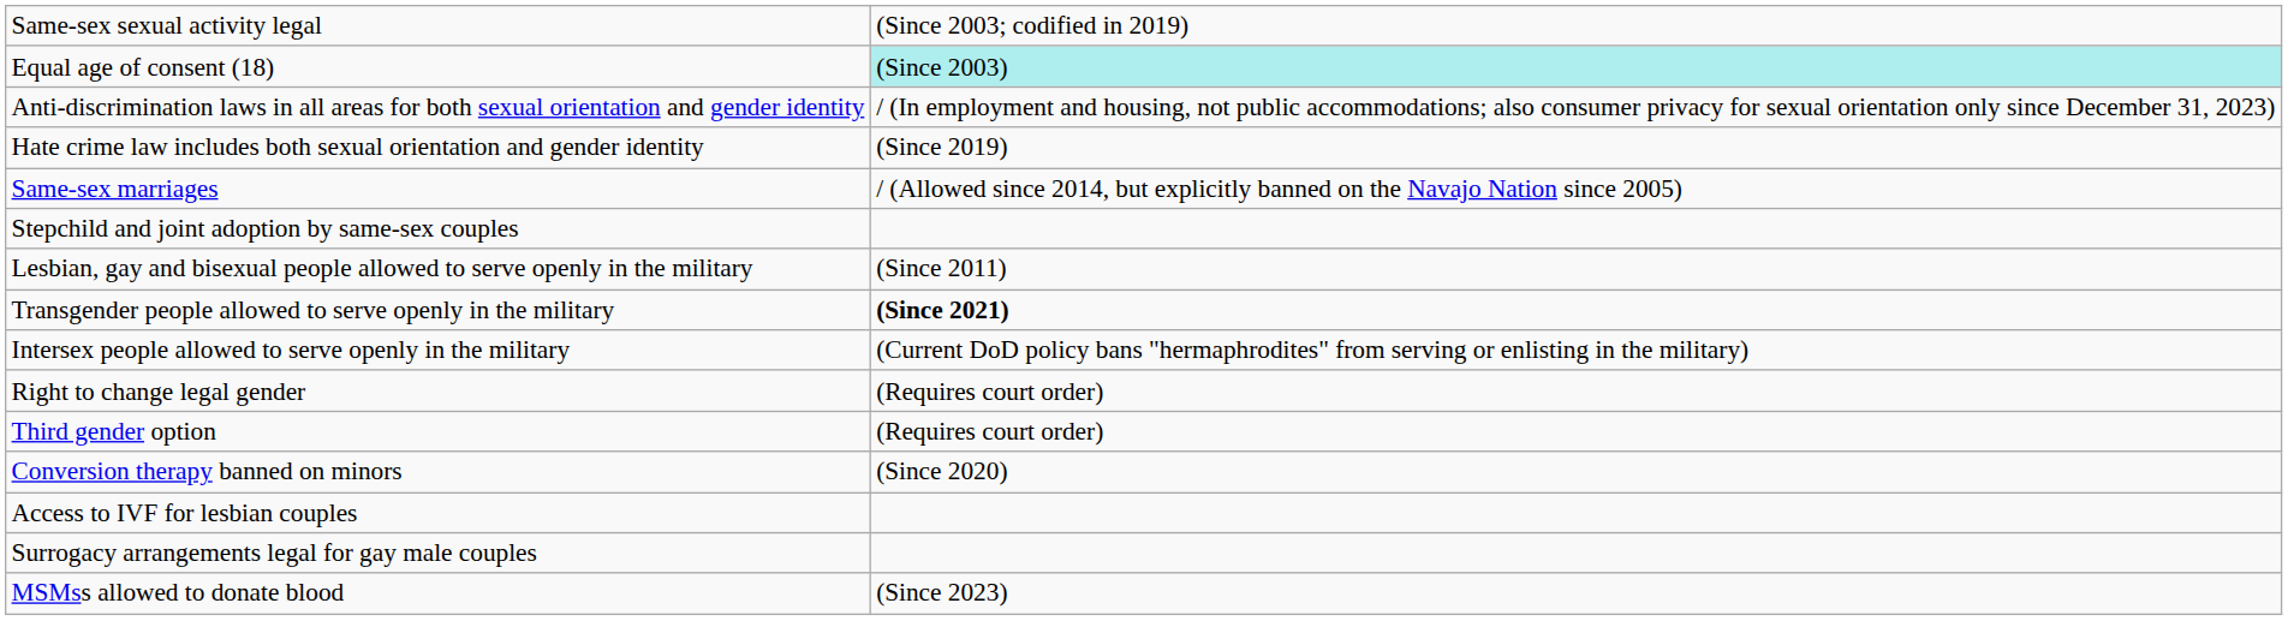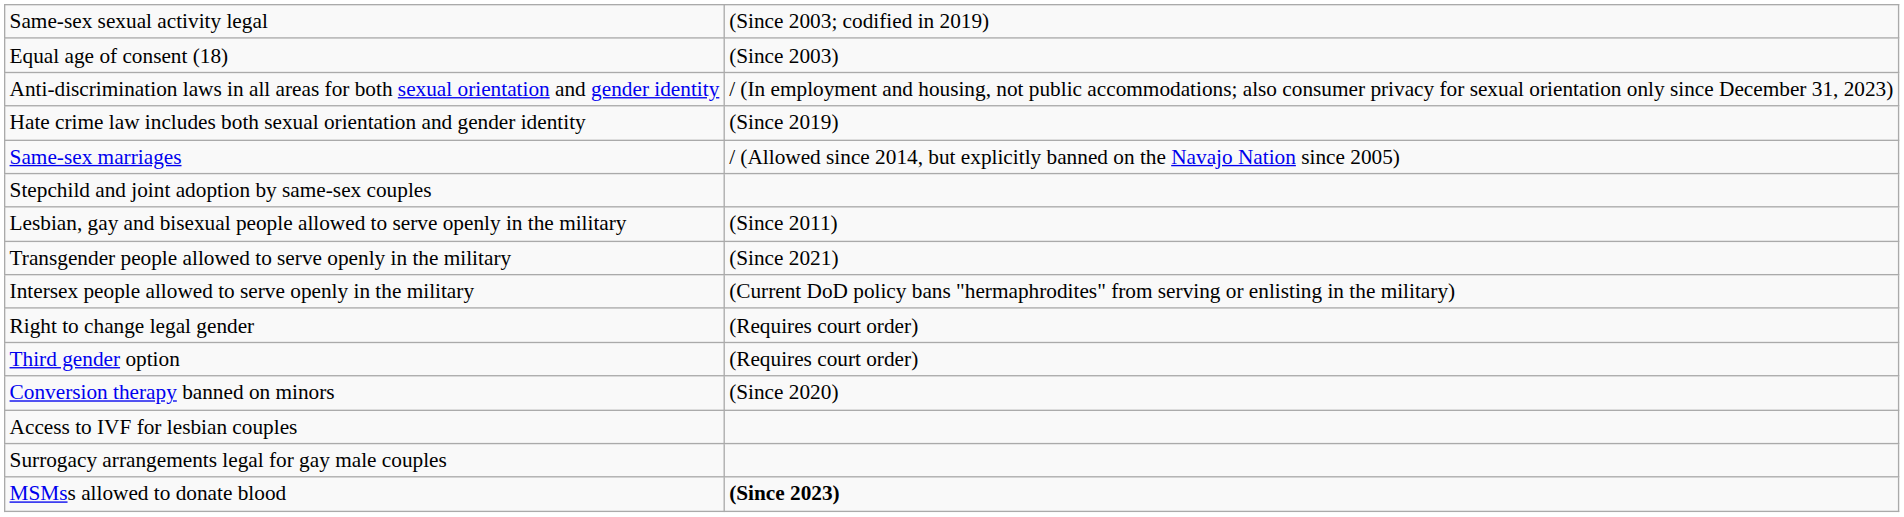 <table class="wikitable">
 <tr>
 <td>Same-sex sexual activity legal</td>
 <td> (Since 2003; codified in 2019)</td>
 </tr>
 <tr>
 <td>Equal age of consent (18)</td>
-<td style="background: paleturquoise;"> (Since 2003)</td>
+<td> (Since 2003)</td>
 </tr>
 <tr>
 <td>Anti-discrimination laws in all areas for both <a href='#'>sexual orientation</a> and <a href='#'>gender identity</a></td>
 <td>/ (In employment and housing, not public accommodations; also consumer privacy for sexual orientation only since December 31, 2023)</td>
 </tr>
 <tr>
 <td>Hate crime law includes both sexual orientation and gender identity</td>
 <td> (Since 2019)</td>
 </tr>
 <tr>
 <td><a href='#'>Same-sex marriages</a></td>
 <td>/  (Allowed since 2014, but explicitly banned on the <a href='#'>Navajo Nation</a> since 2005)</td>
 </tr>
 <tr>
 <td>Stepchild and joint adoption by same-sex couples</td>
 <td></td>
 </tr>
 <tr>
 <td>Lesbian, gay and bisexual people allowed to serve openly in the military</td>
 <td> (Since 2011)</td>
 </tr>
 <tr>
 <td>Transgender people allowed to serve openly in the military</td>
-<td><strong> (Since 2021)</strong></td>
+<td> (Since 2021)</td>
 </tr>
 <tr>
 <td>Intersex people allowed to serve openly in the military</td>
 <td> (Current DoD policy bans "hermaphrodites" from serving or enlisting in the military)</td>
 </tr>
 <tr>
 <td>Right to change legal gender</td>
 <td> (Requires court order)</td>
 </tr>
 <tr>
 <td><a href='#'>Third gender</a> option</td>
 <td> (Requires court order)</td>
 </tr>
 <tr>
 <td><a href='#'>Conversion therapy</a> banned on minors</td>
 <td> (Since 2020)</td>
 </tr>
 <tr>
 <td>Access to IVF for lesbian couples</td>
 <td></td>
 </tr>
 <tr>
 <td>Surrogacy arrangements legal for gay male couples</td>
 <td></td>
 </tr>
 <tr>
 <td><a href='#'>MSMs</a>s allowed to donate blood</td>
-<td> (Since 2023)</td>
+<td><strong> (Since 2023)</strong></td>
 </tr>
 </table>
